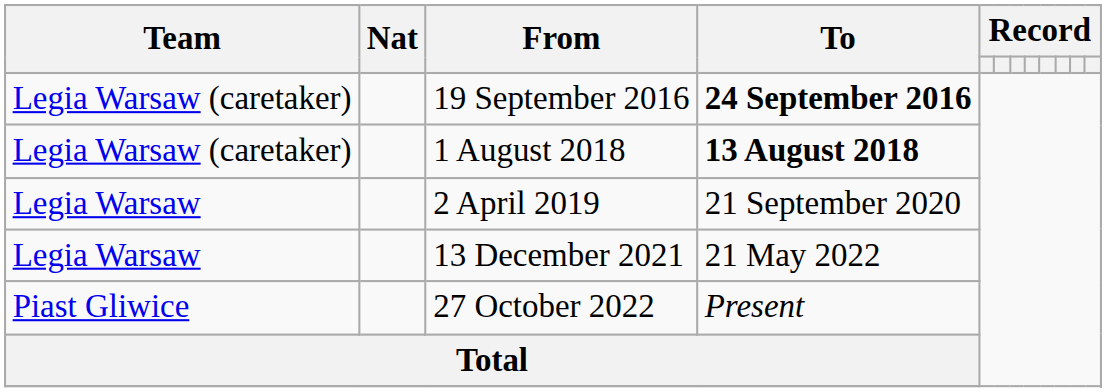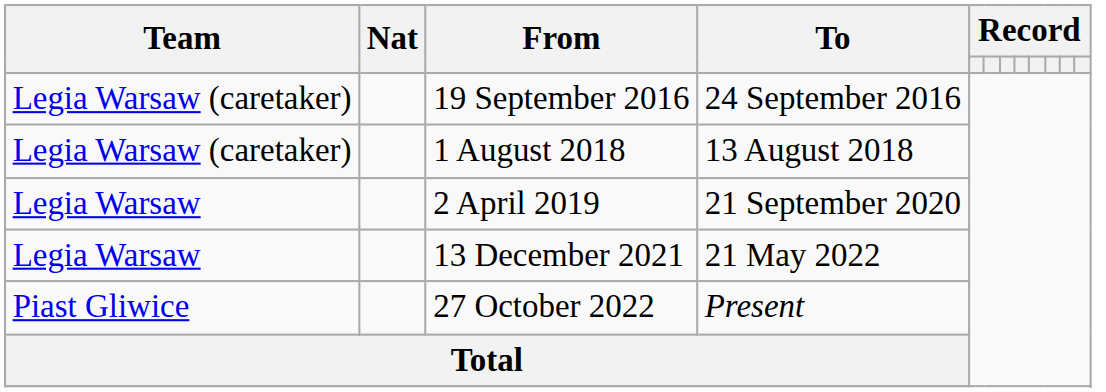 <table class="wikitable" style="text-align: center">
 <tr>
 <th rowspan="2">Team</th>
 <th rowspan="2">Nat</th>
 <th rowspan="2">From</th>
 <th rowspan="2">To</th>
 <th colspan="8">Record</th>
 </tr>
 <tr>
 <th></th>
 <th></th>
 <th></th>
 <th></th>
 <th></th>
 <th></th>
 <th></th>
 <th></th>
 </tr>
 <tr>
 <td align=left><a href='#'>Legia Warsaw</a> (caretaker)</td>
 <td></td>
 <td align=left>19 September 2016</td>
-<td align=left><strong>24 September 2016<br></strong></td>
+<td align=left>24 September 2016<br></td>
 </tr>
 <tr>
 <td align=left><a href='#'>Legia Warsaw</a> (caretaker)</td>
 <td></td>
 <td align=left>1 August 2018</td>
-<td align=left><strong>13 August 2018<br></strong></td>
+<td align=left>13 August 2018<br></td>
 </tr>
 <tr>
 <td align=left><a href='#'>Legia Warsaw</a></td>
 <td></td>
 <td align=left>2 April 2019</td>
 <td align=left>21 September 2020<br></td>
 </tr>
 <tr>
 <td align=left><a href='#'>Legia Warsaw</a></td>
 <td></td>
 <td align=left>13 December 2021</td>
 <td align=left>21 May 2022<br></td>
 </tr>
 <tr>
 <td align=left><a href='#'>Piast Gliwice</a></td>
 <td></td>
 <td align=left>27 October 2022</td>
 <td align=left><em>Present</em><br></td>
 </tr>
 <tr>
 <th colspan="4">Total<br></th>
 </tr>
 <tr>
 </tr>
 </table>
